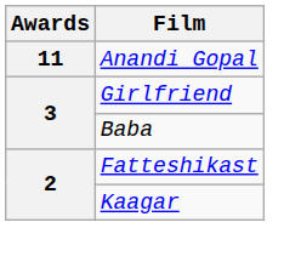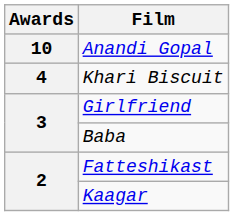 <table class="wikitable" style="display:inline-table;">
 <tr>
 <th>Awards</th>
 <th>Film</th>
 </tr>
 <tr>
-<th scope=row>11</th>
+<th scope=row>10</th>
 <td><em><a href='#'>Anandi Gopal</a></em></td>
+</tr>
+<tr>
+<th>4</th>
+<td><em>Khari Biscuit</em></td>
 </tr>
 <tr>
 <th rowspan="2">3</th>
 <td><em><a href='#'>Girlfriend</a></em></td>
 </tr>
 <tr>
 <td><em>Baba</em></td>
 </tr>
 <tr>
 <th rowspan="2">2</th>
 <td><em><a href='#'>Fatteshikast</a></em></td>
 </tr>
 <tr>
 <td><em><a href='#'>Kaagar</a></em></td>
 </tr>
 </table>
